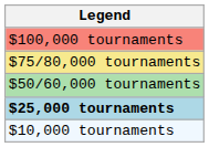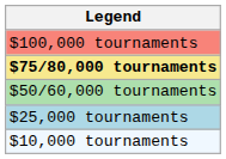 <table class="wikitable" style="font-size:85%">
 <tr>
 <th>Legend</th>
 </tr>
 <tr style="background:#f88379;">
 <td>$100,000 tournaments</td>
 </tr>
 <tr style="background:#f7e98e;">
-<td>$75/80,000 tournaments</td>
+<td><strong>$75/80,000 tournaments</strong></td>
 </tr>
 <tr style="background:#addfad;">
 <td>$50/60,000 tournaments</td>
 </tr>
 <tr style="background:lightblue;">
-<td><strong>$25,000 tournaments</strong></td>
+<td>$25,000 tournaments</td>
 </tr>
 <tr style="background:#f0f8ff;">
 <td>$10,000 tournaments</td>
 </tr>
 </table>
